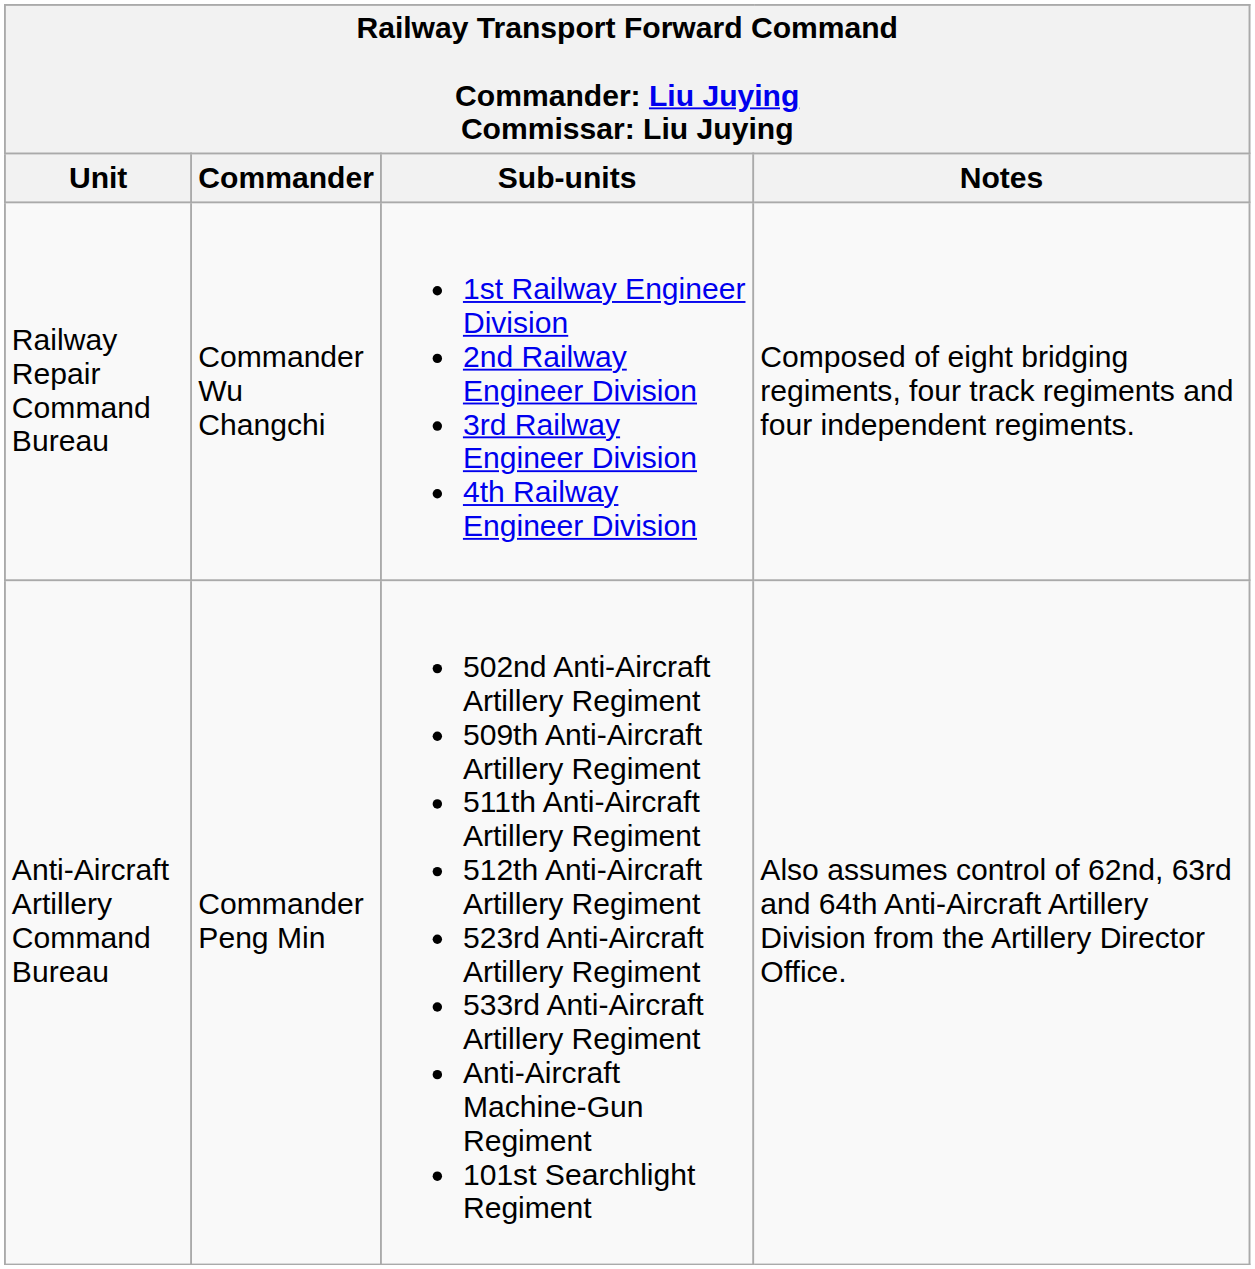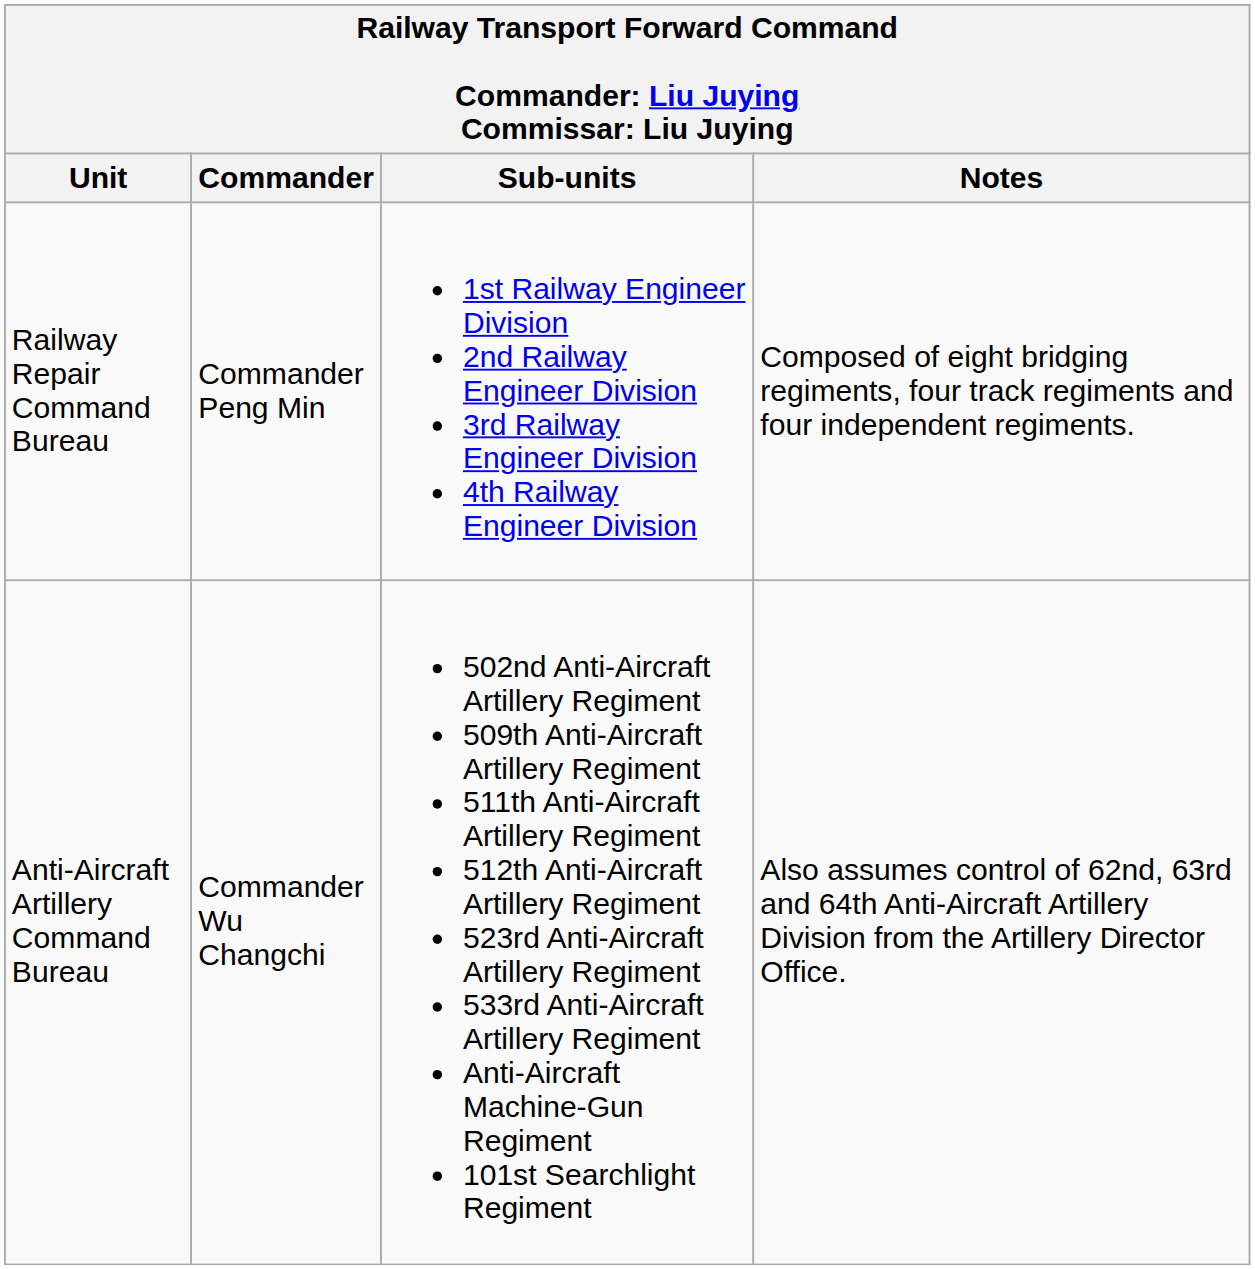 <table class="wikitable" style="width: 75%">
 <tr>
 <th colspan="4" align= center> Railway Transport Forward Command<br><br>Commander: <a href='#'>Liu Juying</a><br> Commissar: Liu Juying<br></th>
 </tr>
 <tr>
 <th width=15%; align= center>Unit</th>
 <th width=15%; align= center>Commander</th>
 <th width=30%; align= center>Sub-units</th>
 <th width=40%; align= center>Notes</th>
 </tr>
 <tr>
 <td>Railway Repair Command Bureau</td>
-<td>Commander Wu Changchi</td>
+<td>Commander Peng Min</td>
 <td><br><ul><li><a href='#'>1st Railway Engineer Division</a></li><li><a href='#'>2nd Railway Engineer Division</a></li><li><a href='#'>3rd Railway Engineer Division</a></li><li><a href='#'>4th Railway Engineer Division</a></li></ul></td>
 <td>Composed of eight bridging regiments, four track regiments and four independent regiments.</td>
 </tr>
 <tr>
 <td>Anti-Aircraft Artillery Command Bureau</td>
-<td>Commander Peng Min</td>
+<td>Commander Wu Changchi</td>
 <td><br><ul><li>502nd Anti-Aircraft Artillery Regiment</li><li>509th Anti-Aircraft Artillery Regiment</li><li>511th Anti-Aircraft Artillery Regiment</li><li>512th Anti-Aircraft Artillery Regiment</li><li>523rd Anti-Aircraft Artillery Regiment</li><li>533rd Anti-Aircraft Artillery Regiment</li><li>Anti-Aircraft Machine-Gun Regiment</li><li>101st Searchlight Regiment</li></ul></td>
 <td>Also assumes control of 62nd, 63rd and 64th Anti-Aircraft Artillery Division from the Artillery Director Office.</td>
 </tr>
 </table>
